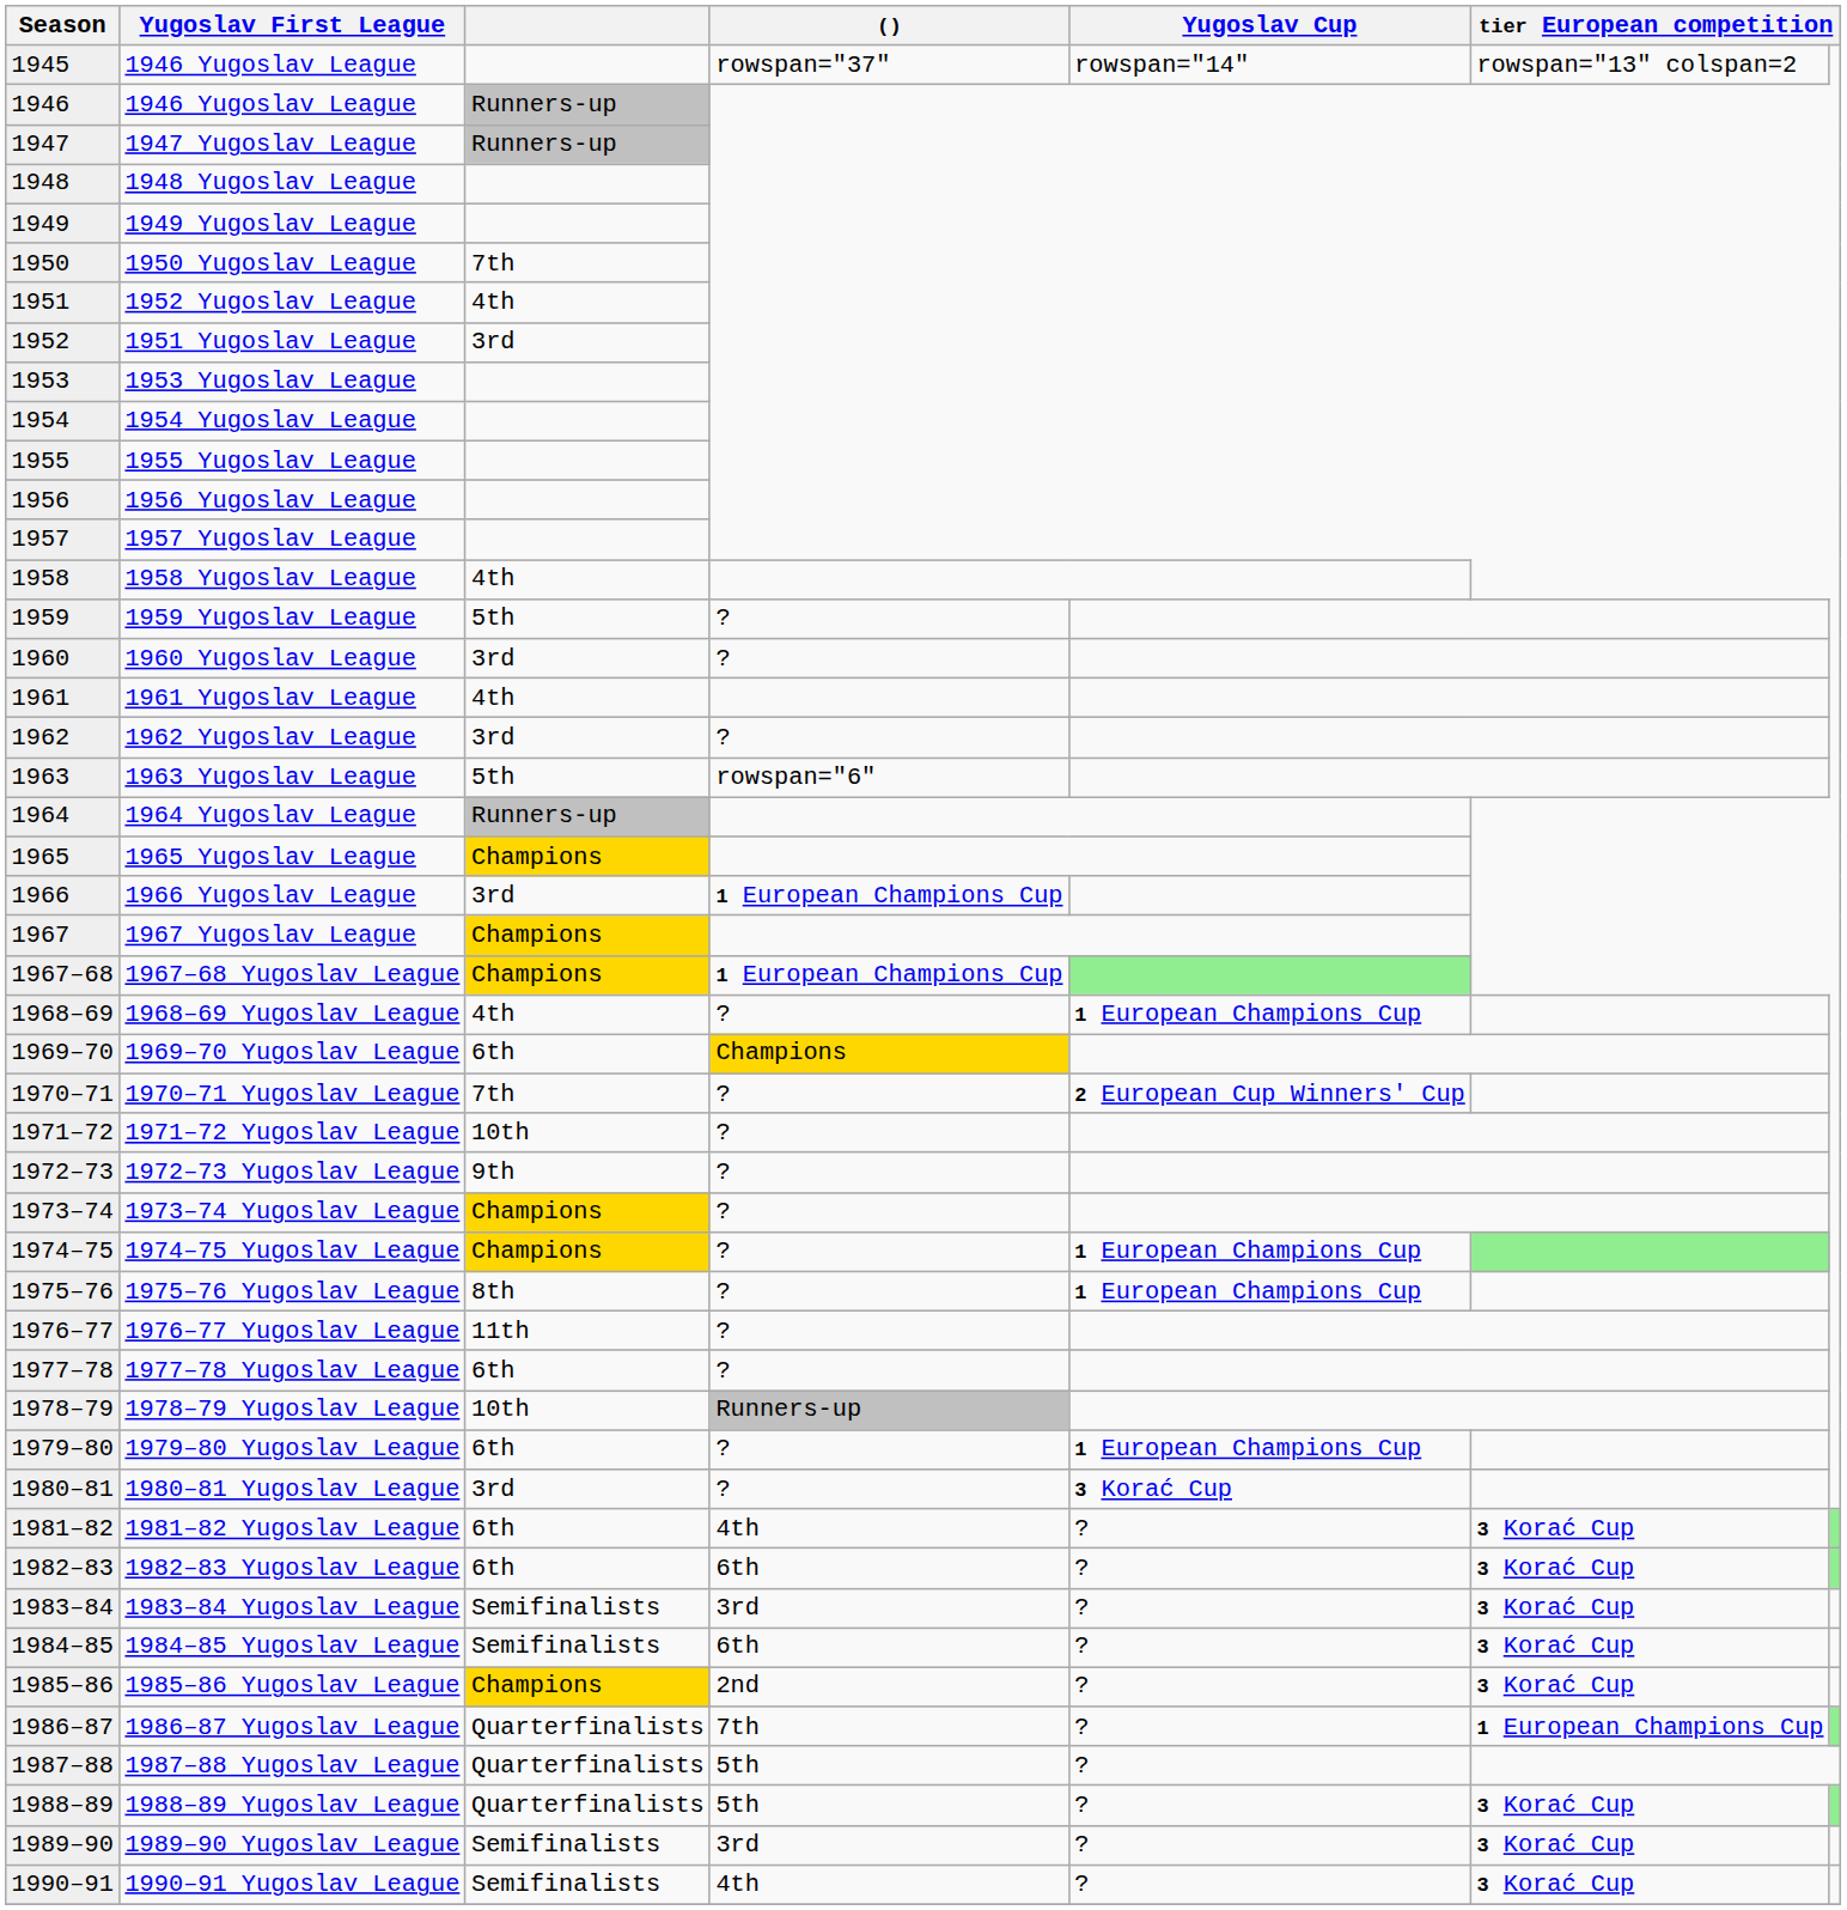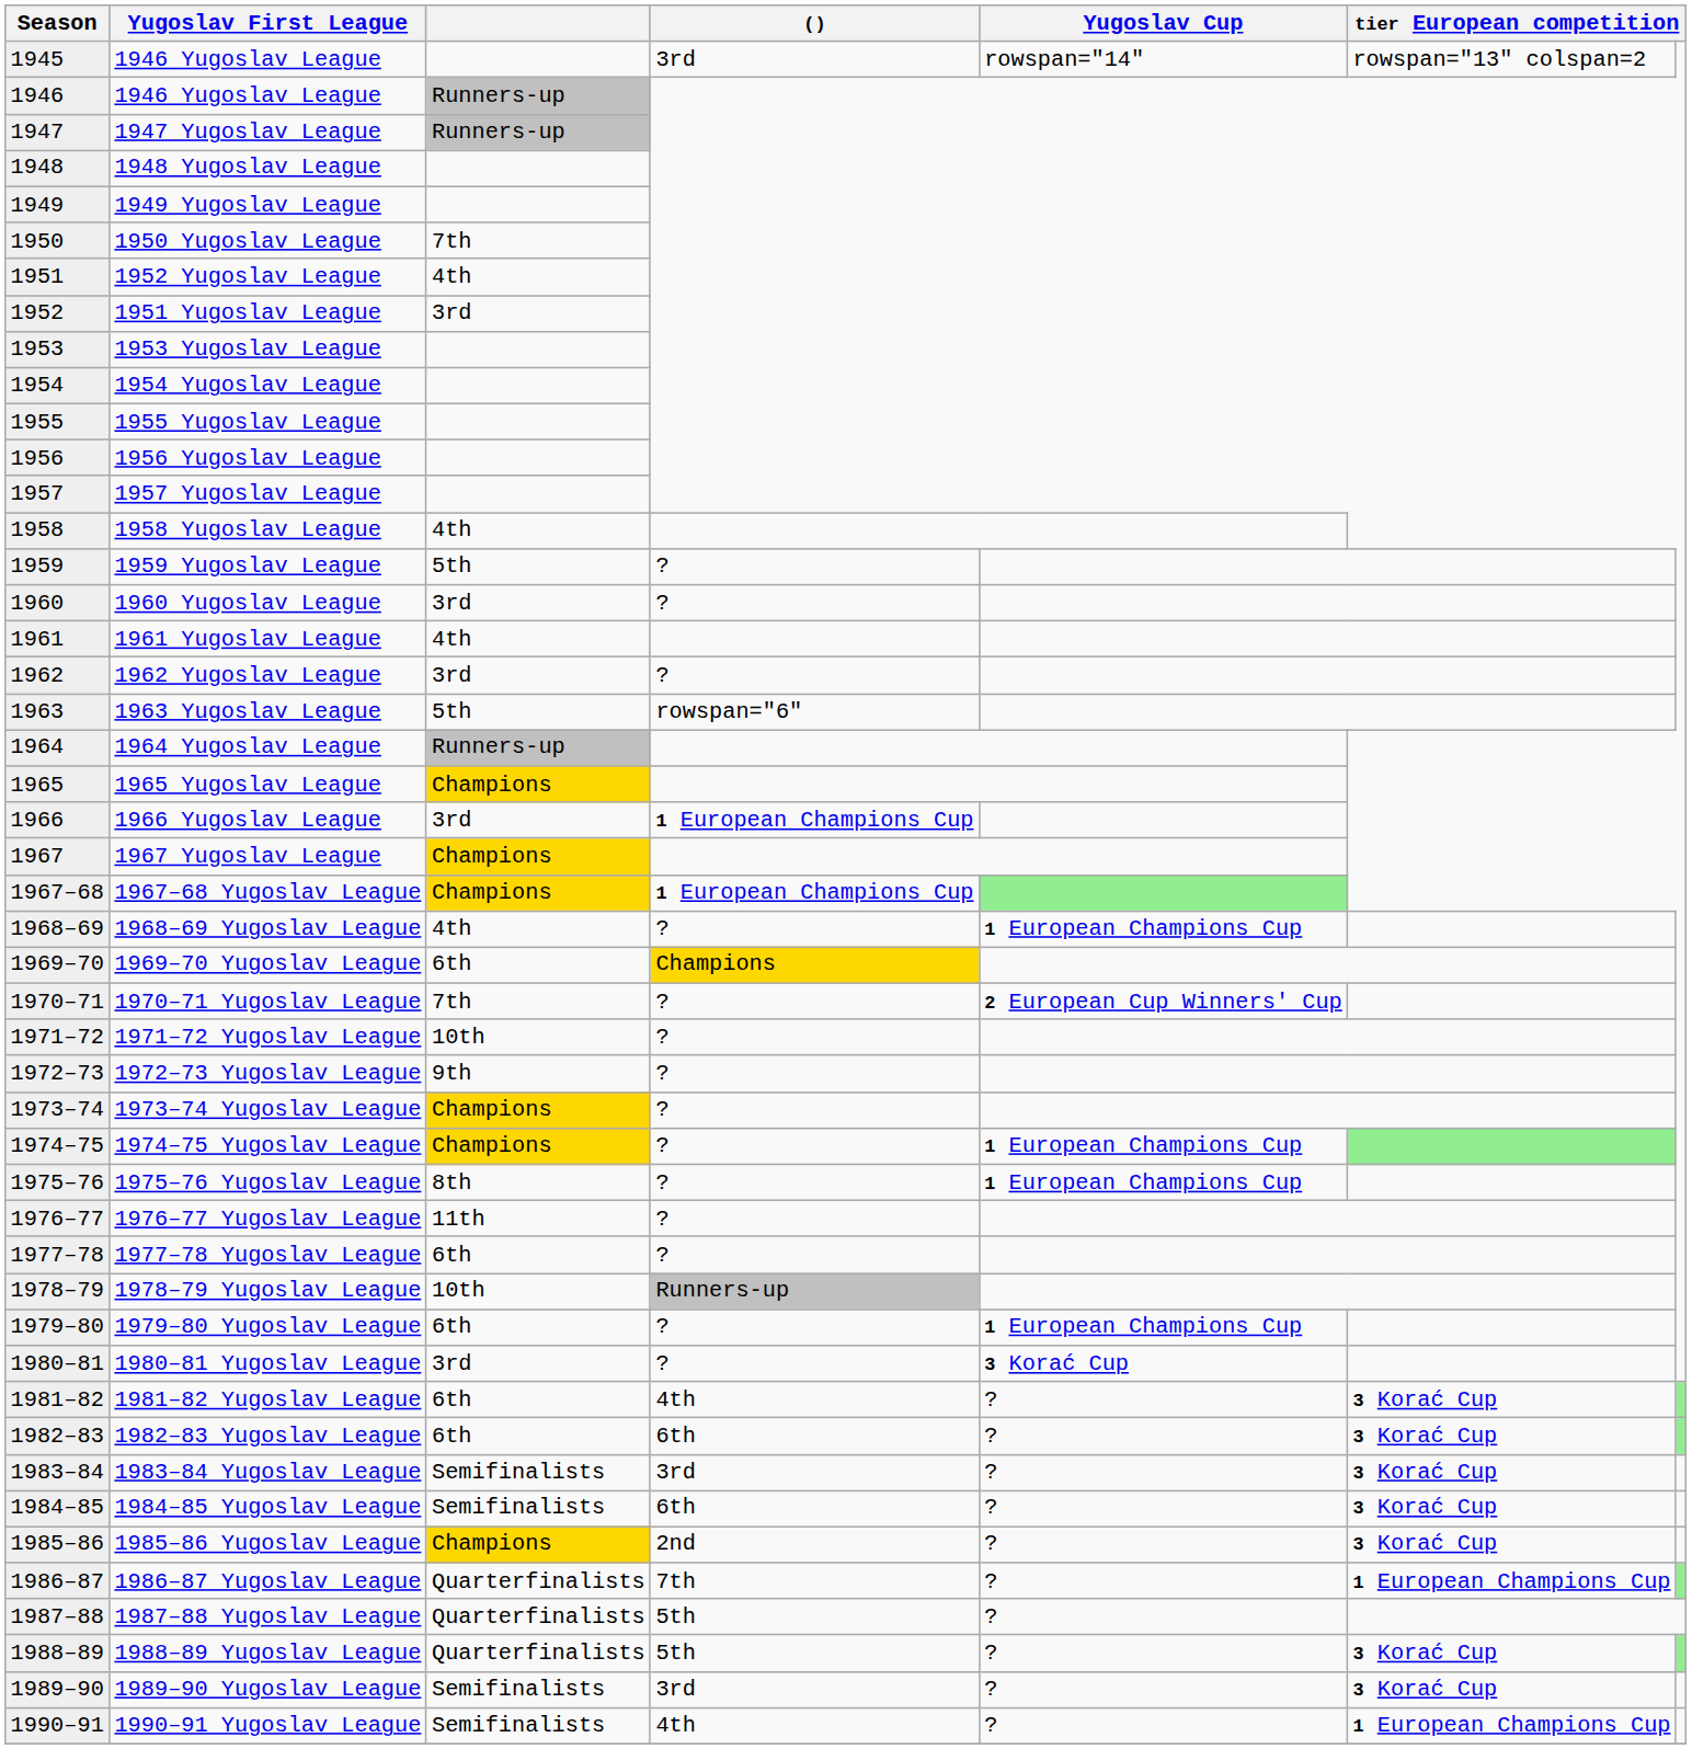 <table class="wikitable">
 <tr>
 <th>Season</th>
 <th><a href='#'>Yugoslav First League</a></th>
 <th></th>
 <th><small>()</small></th>
 <th><a href='#'>Yugoslav Cup</a></th>
 <th colspan=2><small>tier</small> <a href='#'>European competition</a></th>
 </tr>
 <tr>
 <td style="background:#EFEFEF;">1945</td>
 <td><a href='#'>1946 Yugoslav League</a></td>
 <td></td>
-<td>rowspan="37"</td>
+<td>3rd</td>
 <td>rowspan="14"</td>
 <td>rowspan="13" colspan=2 </td>
 </tr>
 <tr>
 <td style="background:#EFEFEF;">1946</td>
 <td><a href='#'>1946 Yugoslav League</a></td>
 <td bgcolor=silver>Runners-up</td>
 </tr>
 <tr>
 <td style="background:#EFEFEF;">1947</td>
 <td><a href='#'>1947 Yugoslav League</a></td>
 <td bgcolor=silver>Runners-up</td>
 </tr>
 <tr>
 <td style="background:#EFEFEF;">1948</td>
 <td><a href='#'>1948 Yugoslav League</a></td>
 <td></td>
 </tr>
 <tr>
 <td style="background:#EFEFEF;">1949</td>
 <td><a href='#'>1949 Yugoslav League</a></td>
 <td></td>
 </tr>
 <tr>
 <td style="background:#EFEFEF;">1950</td>
 <td><a href='#'>1950 Yugoslav League</a></td>
 <td>7th</td>
 </tr>
 <tr>
 <td style="background:#EFEFEF;">1951</td>
 <td><a href='#'>1952 Yugoslav League</a></td>
 <td>4th</td>
 </tr>
 <tr>
 <td style="background:#EFEFEF;">1952</td>
 <td><a href='#'>1951 Yugoslav League</a></td>
 <td>3rd</td>
 </tr>
 <tr>
 <td style="background:#EFEFEF;">1953</td>
 <td><a href='#'>1953 Yugoslav League</a></td>
 <td></td>
 </tr>
 <tr>
 <td style="background:#EFEFEF;">1954</td>
 <td><a href='#'>1954 Yugoslav League</a></td>
 <td></td>
 </tr>
 <tr>
 <td style="background:#EFEFEF;">1955</td>
 <td><a href='#'>1955 Yugoslav League</a></td>
 <td></td>
 </tr>
 <tr>
 <td style="background:#EFEFEF;">1956</td>
 <td><a href='#'>1956 Yugoslav League</a></td>
 <td></td>
 </tr>
 <tr>
 <td style="background:#EFEFEF;">1957</td>
 <td><a href='#'>1957 Yugoslav League</a></td>
 <td></td>
 </tr>
 <tr>
 <td style="background:#EFEFEF;">1958</td>
 <td><a href='#'>1958 Yugoslav League</a></td>
 <td>4th</td>
 <td colspan="2"></td>
 </tr>
 <tr>
 <td style="background:#EFEFEF;">1959</td>
 <td><a href='#'>1959 Yugoslav League</a></td>
 <td>5th</td>
 <td>?</td>
 <td colspan="2"></td>
 </tr>
 <tr>
 <td style="background:#EFEFEF;">1960</td>
 <td><a href='#'>1960 Yugoslav League</a></td>
 <td>3rd</td>
 <td>?</td>
 <td colspan="2"></td>
 </tr>
 <tr>
 <td style="background:#EFEFEF;">1961</td>
 <td><a href='#'>1961 Yugoslav League</a></td>
 <td>4th</td>
 <td></td>
 <td colspan="2"></td>
 </tr>
 <tr>
 <td style="background:#EFEFEF;">1962</td>
 <td><a href='#'>1962 Yugoslav League</a></td>
 <td>3rd</td>
 <td>?</td>
 <td colspan="2"></td>
 </tr>
 <tr>
 <td style="background:#EFEFEF;">1963</td>
 <td><a href='#'>1963 Yugoslav League</a></td>
 <td>5th</td>
 <td>rowspan="6"</td>
 <td colspan="2"></td>
 </tr>
 <tr>
 <td style="background:#EFEFEF;">1964</td>
 <td><a href='#'>1964 Yugoslav League</a></td>
 <td bgcolor=silver>Runners-up</td>
 <td colspan="2"></td>
 </tr>
 <tr>
 <td style="background:#EFEFEF;">1965</td>
 <td><a href='#'>1965 Yugoslav League</a></td>
 <td bgcolor=gold>Champions</td>
 <td colspan="2"></td>
 </tr>
 <tr>
 <td style="background:#EFEFEF;">1966</td>
 <td><a href='#'>1966 Yugoslav League</a></td>
 <td>3rd</td>
 <td><small><strong>1</strong></small> <a href='#'>European Champions Cup</a></td>
 <td align=center></td>
 </tr>
 <tr>
 <td style="background:#EFEFEF;">1967</td>
 <td><a href='#'>1967 Yugoslav League</a></td>
 <td bgcolor=gold>Champions</td>
 <td colspan="2"></td>
 </tr>
 <tr>
 <td style="background:#EFEFEF;">1967–68</td>
 <td><a href='#'>1967–68 Yugoslav League</a></td>
 <td bgcolor=gold>Champions</td>
 <td><small><strong>1</strong></small> <a href='#'>European Champions Cup</a></td>
 <td bgcolor=lightgreen align=center></td>
 </tr>
 <tr>
 <td style="background:#EFEFEF;">1968–69</td>
 <td><a href='#'>1968–69 Yugoslav League</a></td>
 <td>4th</td>
 <td>?</td>
 <td><small><strong>1</strong></small> <a href='#'>European Champions Cup</a></td>
 <td align=center></td>
 </tr>
 <tr>
 <td style="background:#EFEFEF;">1969–70</td>
 <td><a href='#'>1969–70 Yugoslav League</a></td>
 <td>6th</td>
 <td bgcolor=gold>Champions</td>
 <td colspan="2"></td>
 </tr>
 <tr>
 <td style="background:#EFEFEF;">1970–71</td>
 <td><a href='#'>1970–71 Yugoslav League</a></td>
 <td>7th</td>
 <td>?</td>
 <td><small><strong>2</strong></small> <a href='#'>European Cup Winners' Cup</a></td>
 <td align=center></td>
 </tr>
 <tr>
 <td style="background:#EFEFEF;">1971–72</td>
 <td><a href='#'>1971–72 Yugoslav League</a></td>
 <td>10th</td>
 <td>?</td>
 <td colspan="2"></td>
 </tr>
 <tr>
 <td style="background:#EFEFEF;">1972–73</td>
 <td><a href='#'>1972–73 Yugoslav League</a></td>
 <td>9th</td>
 <td>?</td>
 <td colspan="2"></td>
 </tr>
 <tr>
 <td style="background:#EFEFEF;">1973–74</td>
 <td><a href='#'>1973–74 Yugoslav League</a></td>
 <td bgcolor=gold>Champions</td>
 <td>?</td>
 <td colspan="2"></td>
 </tr>
 <tr>
 <td style="background:#EFEFEF;">1974–75</td>
 <td><a href='#'>1974–75 Yugoslav League</a></td>
 <td bgcolor=gold>Champions</td>
 <td>?</td>
 <td><small><strong>1</strong></small> <a href='#'>European Champions Cup</a></td>
 <td bgcolor=lightgreen align=center></td>
 </tr>
 <tr>
 <td style="background:#EFEFEF;">1975–76</td>
 <td><a href='#'>1975–76 Yugoslav League</a></td>
 <td>8th</td>
 <td>?</td>
 <td><small><strong>1</strong></small> <a href='#'>European Champions Cup</a></td>
 <td align=center></td>
 </tr>
 <tr>
 <td style="background:#EFEFEF;">1976–77</td>
 <td><a href='#'>1976–77 Yugoslav League</a></td>
 <td>11th</td>
 <td>?</td>
 <td colspan="2"></td>
 </tr>
 <tr>
 <td style="background:#EFEFEF;">1977–78</td>
 <td><a href='#'>1977–78 Yugoslav League</a></td>
 <td>6th</td>
 <td>?</td>
 <td colspan="2"></td>
 </tr>
 <tr>
 <td style="background:#EFEFEF;">1978–79</td>
 <td><a href='#'>1978–79 Yugoslav League</a></td>
 <td>10th</td>
 <td bgcolor=silver>Runners-up</td>
 <td colspan="2"></td>
 </tr>
 <tr>
 <td style="background:#EFEFEF;">1979–80</td>
 <td><a href='#'>1979–80 Yugoslav League</a></td>
 <td>6th</td>
 <td>?</td>
 <td><small><strong>1</strong></small> <a href='#'>European Champions Cup</a></td>
 <td align=center></td>
 </tr>
 <tr>
 <td style="background:#EFEFEF;">1980–81</td>
 <td><a href='#'>1980–81 Yugoslav League</a></td>
 <td>3rd</td>
 <td>?</td>
 <td><small><strong>3</strong></small> <a href='#'>Korać Cup</a></td>
 <td align=center></td>
 </tr>
 <tr>
 <td style="background:#EFEFEF;">1981–82</td>
 <td><a href='#'>1981–82 Yugoslav League</a></td>
 <td>6th</td>
 <td>4th</td>
 <td>?</td>
 <td><small><strong>3</strong></small> <a href='#'>Korać Cup</a></td>
 <td bgcolor=lightgreen align=center></td>
 </tr>
 <tr>
 <td style="background:#EFEFEF;">1982–83</td>
 <td><a href='#'>1982–83 Yugoslav League</a></td>
 <td>6th</td>
 <td>6th</td>
 <td>?</td>
 <td><small><strong>3</strong></small> <a href='#'>Korać Cup</a></td>
 <td bgcolor=lightgreen align=center></td>
 </tr>
 <tr>
 <td style="background:#EFEFEF;">1983–84</td>
 <td><a href='#'>1983–84 Yugoslav League</a></td>
 <td>Semifinalists</td>
 <td>3rd</td>
 <td>?</td>
 <td><small><strong>3</strong></small> <a href='#'>Korać Cup</a></td>
 <td align=center></td>
 </tr>
 <tr>
 <td style="background:#EFEFEF;">1984–85</td>
 <td><a href='#'>1984–85 Yugoslav League</a></td>
 <td>Semifinalists</td>
 <td>6th</td>
 <td>?</td>
 <td><small><strong>3</strong></small> <a href='#'>Korać Cup</a></td>
 <td align=center></td>
 </tr>
 <tr>
 <td style="background:#EFEFEF;">1985–86</td>
 <td><a href='#'>1985–86 Yugoslav League</a></td>
 <td bgcolor=gold>Champions</td>
 <td>2nd</td>
 <td>?</td>
 <td><small><strong>3</strong></small> <a href='#'>Korać Cup</a></td>
 <td align=center></td>
 </tr>
 <tr>
 <td style="background:#EFEFEF;">1986–87</td>
 <td><a href='#'>1986–87 Yugoslav League</a></td>
 <td>Quarterfinalists</td>
 <td>7th</td>
 <td>?</td>
 <td><small><strong>1</strong></small> <a href='#'>European Champions Cup</a></td>
 <td bgcolor=lightgreen align=center></td>
 </tr>
 <tr>
 <td style="background:#EFEFEF;">1987–88</td>
 <td><a href='#'>1987–88 Yugoslav League</a></td>
 <td>Quarterfinalists</td>
 <td>5th</td>
 <td>?</td>
 <td colspan="2"></td>
 </tr>
 <tr>
 <td style="background:#EFEFEF;">1988–89</td>
 <td><a href='#'>1988–89 Yugoslav League</a></td>
 <td>Quarterfinalists</td>
 <td>5th</td>
 <td>?</td>
 <td><small><strong>3</strong></small> <a href='#'>Korać Cup</a></td>
 <td bgcolor=lightgreen align=center></td>
 </tr>
 <tr>
 <td style="background:#EFEFEF;">1989–90</td>
 <td><a href='#'>1989–90 Yugoslav League</a></td>
 <td>Semifinalists</td>
 <td>3rd</td>
 <td>?</td>
 <td><small><strong>3</strong></small> <a href='#'>Korać Cup</a></td>
 <td align=center></td>
 </tr>
 <tr>
 <td style="background:#EFEFEF;">1990–91</td>
 <td><a href='#'>1990–91 Yugoslav League</a></td>
 <td>Semifinalists</td>
 <td>4th</td>
 <td>?</td>
-<td><small><strong>3</strong></small> <a href='#'>Korać Cup</a></td>
+<td><small><strong>1</strong></small> <a href='#'>European Champions Cup</a></td>
 <td align=center></td>
 </tr>
 <tr>
 </tr>
 </table>
